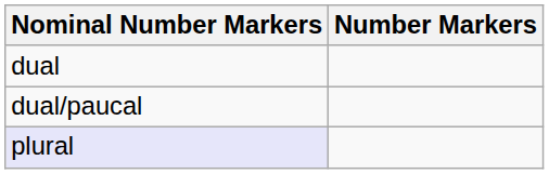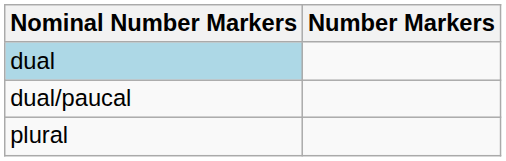 <table class="wikitable">
 <tr>
 <th>Nominal Number Markers</th>
 <th colspan=2>Number Markers</th>
 </tr>
 <tr>
-<td>dual</td>
+<td style="background: lightblue;">dual</td>
 <td></td>
 </tr>
 <tr>
 <td>dual/paucal</td>
 <td></td>
 </tr>
 <tr>
-<td style="background: lavender;">plural</td>
+<td>plural</td>
 <td></td>
 </tr>
 </table>
